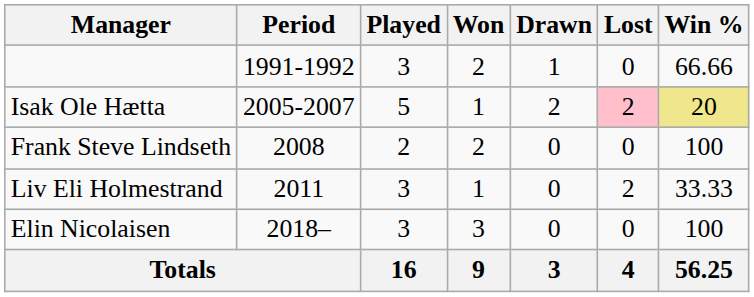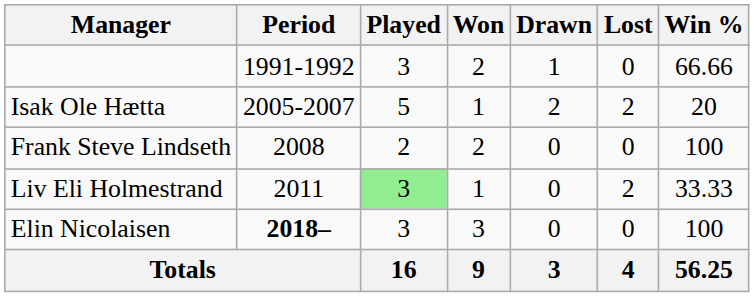 <table class="wikitable sortable" style="text-align:center;">
 <tr>
 <th>Manager</th>
 <th>Period</th>
 <th>Played</th>
 <th>Won</th>
 <th>Drawn</th>
 <th>Lost</th>
 <th>Win %</th>
 </tr>
 <tr>
 <td style="text-align: left;"></td>
 <td>1991-1992</td>
 <td>3</td>
 <td>2</td>
 <td>1</td>
 <td>0</td>
 <td>66.66</td>
 </tr>
 <tr>
 <td style="text-align: left;"> Isak Ole Hætta</td>
 <td>2005-2007</td>
 <td>5</td>
 <td>1</td>
 <td>2</td>
-<td style="background: pink;">2</td>
-<td style="background: khaki;">20</td>
+<td>2</td>
+<td>20</td>
 </tr>
 <tr>
 <td style="text-align: left;"> Frank Steve Lindseth</td>
 <td>2008</td>
 <td>2</td>
 <td>2</td>
 <td>0</td>
 <td>0</td>
 <td>100</td>
 </tr>
 <tr>
 <td style="text-align: left;"> Liv Eli Holmestrand</td>
 <td>2011</td>
-<td>3</td>
+<td style="background: lightgreen;">3</td>
 <td>1</td>
 <td>0</td>
 <td>2</td>
 <td>33.33</td>
 </tr>
 <tr>
 <td style="text-align: left;"> Elin Nicolaisen</td>
-<td>2018–</td>
+<td><strong>2018–</strong></td>
 <td>3</td>
 <td>3</td>
 <td>0</td>
 <td>0</td>
 <td>100</td>
 </tr>
 <tr>
 <th colspan="2">Totals</th>
 <th>16</th>
 <th>9</th>
 <th>3</th>
 <th>4</th>
 <th>56.25</th>
 </tr>
 </table>
